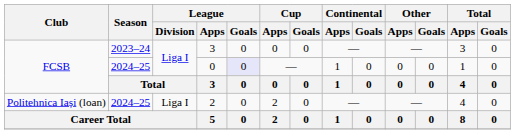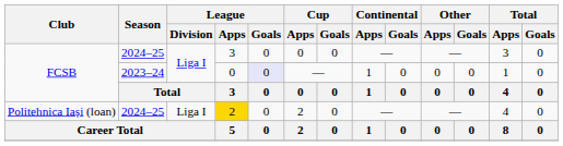 <table class="wikitable" style="text-align: center">
 <tr>
 <th rowspan="2">Club</th>
 <th rowspan="2">Season</th>
 <th colspan="3">League</th>
 <th colspan="2">Cup</th>
 <th colspan="2">Continental</th>
 <th colspan="2">Other</th>
 <th colspan="2">Total</th>
 </tr>
 <tr>
 <th>Division</th>
 <th>Apps</th>
 <th>Goals</th>
 <th>Apps</th>
 <th>Goals</th>
 <th>Apps</th>
 <th>Goals</th>
 <th>Apps</th>
 <th>Goals</th>
 <th>Apps</th>
 <th>Goals</th>
 </tr>
 <tr>
 <td rowspan="3"><a href='#'>FCSB</a></td>
-<td><a href='#'>2023–24</a></td>
+<td><a href='#'>2024–25</a></td>
 <td rowspan="2"><a href='#'>Liga I</a></td>
 <td>3</td>
 <td>0</td>
 <td>0</td>
 <td>0</td>
 <td colspan="2">—</td>
 <td colspan="2">—</td>
 <td>3</td>
 <td>0</td>
 </tr>
 <tr>
-<td><a href='#'>2024–25</a></td>
+<td><a href='#'>2023–24</a></td>
 <td>0</td>
 <td style="background: lavender;">0</td>
 <td colspan="2">—</td>
 <td>1</td>
 <td>0</td>
 <td>0</td>
 <td>0</td>
 <td>1</td>
 <td>0</td>
 </tr>
 <tr>
 <th colspan="2">Total</th>
 <th>3</th>
 <th>0</th>
 <th>0</th>
 <th>0</th>
 <th>1</th>
 <th>0</th>
 <th>0</th>
 <th>0</th>
 <th>4</th>
 <th>0</th>
 </tr>
 <tr>
 <td rowspan="1"><a href='#'>Politehnica Iași</a> (loan)</td>
 <td><a href='#'>2024–25</a></td>
 <td rowspan="1">Liga I</td>
-<td>2</td>
+<td style="background: gold;">2</td>
 <td>0</td>
 <td>2</td>
 <td>0</td>
 <td colspan="2">—</td>
 <td colspan="2">—</td>
 <td>4</td>
 <td>0</td>
 </tr>
 <tr>
 <th colspan="3">Career Total</th>
 <th>5</th>
 <th>0</th>
 <th>2</th>
 <th>0</th>
 <th>1</th>
 <th>0</th>
 <th>0</th>
 <th>0</th>
 <th>8</th>
 <th>0</th>
 </tr>
 <tr>
 </tr>
 </table>
